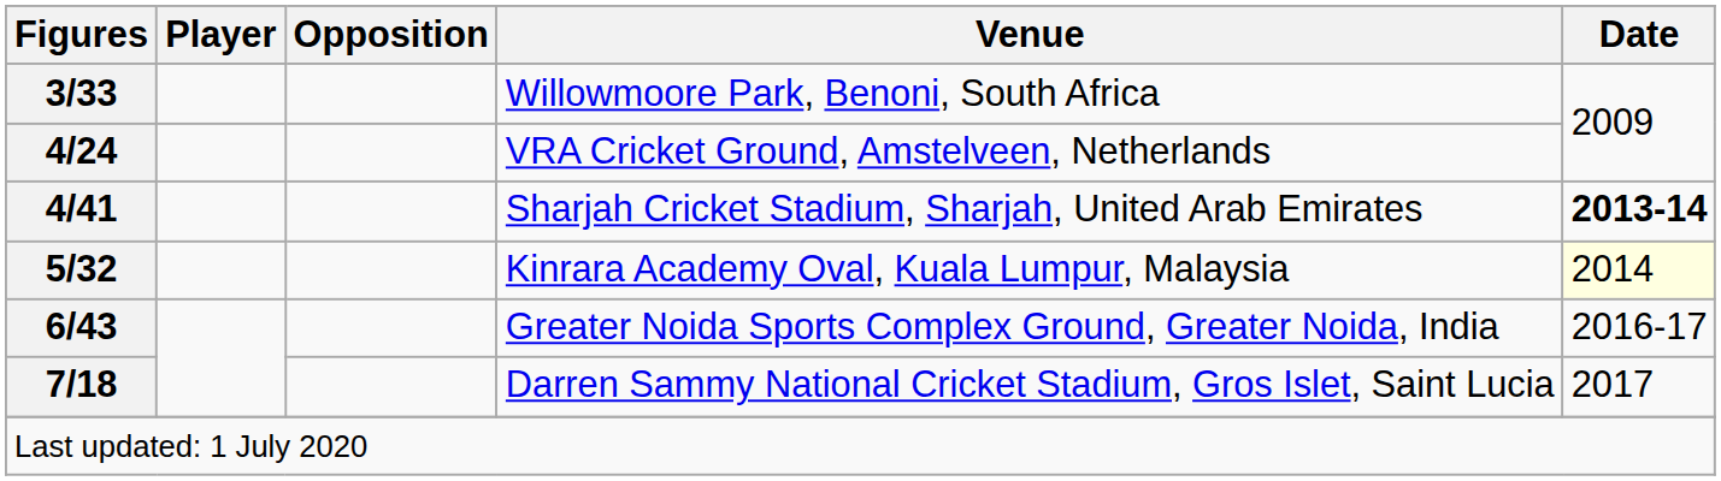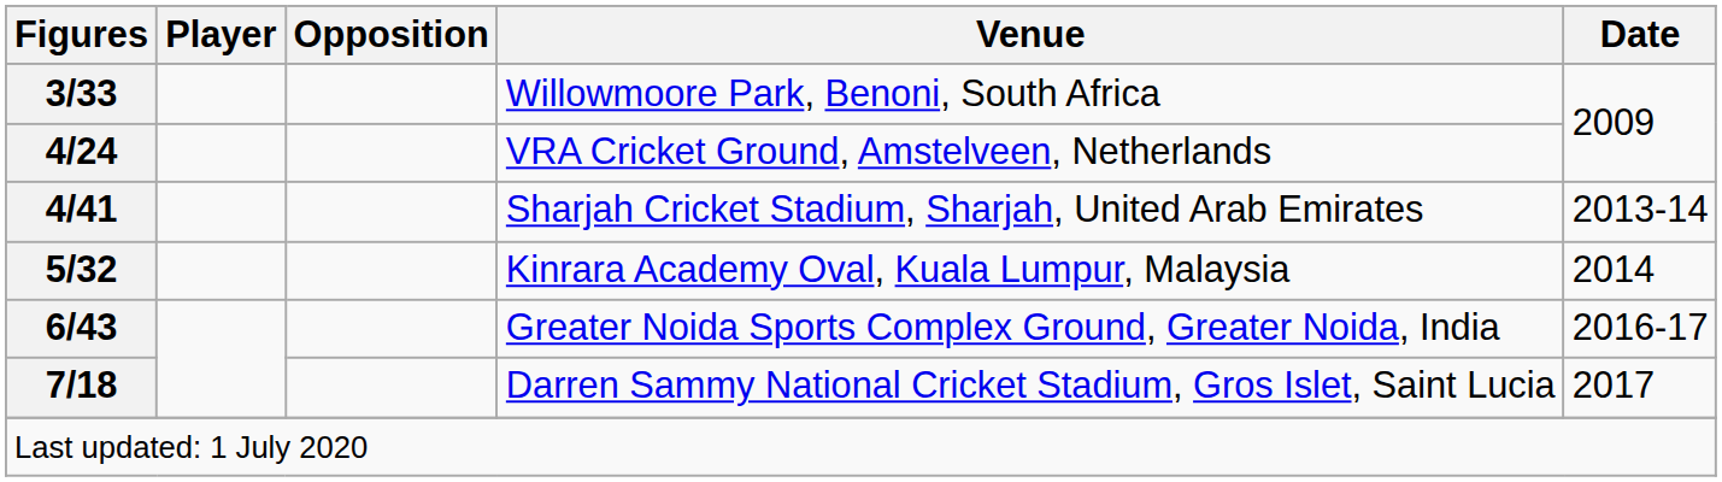 <table class="wikitable plainrowheaders sortable">
 <tr>
 <th scope=col>Figures</th>
 <th scope=col>Player</th>
 <th scope=col>Opposition</th>
 <th scope=col>Venue</th>
 <th scope=col>Date</th>
 </tr>
 <tr>
 <th>3/33</th>
 <td></td>
 <td></td>
 <td><a href='#'>Willowmoore Park</a>, <a href='#'>Benoni</a>, South Africa</td>
 <td rowspan=2>2009</td>
 </tr>
 <tr>
 <th>4/24</th>
 <td></td>
 <td></td>
 <td><a href='#'>VRA Cricket Ground</a>, <a href='#'>Amstelveen</a>, Netherlands</td>
 </tr>
 <tr>
 <th>4/41</th>
 <td></td>
 <td></td>
 <td><a href='#'>Sharjah Cricket Stadium</a>, <a href='#'>Sharjah</a>, United Arab Emirates</td>
-<td><strong>2013-14</strong></td>
+<td>2013-14</td>
 </tr>
 <tr>
 <th>5/32</th>
 <td> </td>
 <td></td>
 <td><a href='#'>Kinrara Academy Oval</a>, <a href='#'>Kuala Lumpur</a>, Malaysia</td>
-<td style="background: lightyellow;">2014</td>
+<td>2014</td>
 </tr>
 <tr>
 <th>6/43</th>
 <td rowspan=2> </td>
 <td></td>
 <td><a href='#'>Greater Noida Sports Complex Ground</a>, <a href='#'>Greater Noida</a>, India</td>
 <td>2016-17</td>
 </tr>
 <tr>
 <th>7/18</th>
 <td></td>
 <td><a href='#'>Darren Sammy National Cricket Stadium</a>, <a href='#'>Gros Islet</a>, Saint Lucia</td>
 <td>2017</td>
 </tr>
 <tr>
 </tr>
 <tr class=sortbottom>
 <td colspan=5><small>Last updated: 1 July 2020</small></td>
 </tr>
 </table>
